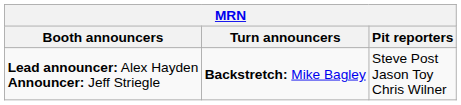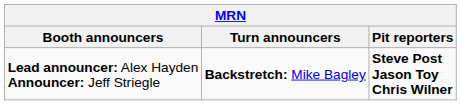 <table class="wikitable" style="font-size: 95%">
 <tr>
 <th colspan="3"><a href='#'>MRN</a></th>
 </tr>
 <tr>
 <th>Booth announcers</th>
 <th>Turn announcers</th>
 <th>Pit reporters</th>
 </tr>
 <tr>
 <td><strong>Lead announcer:</strong> Alex Hayden<br><strong>Announcer:</strong> Jeff Striegle</td>
 <td><strong>Backstretch:</strong> <a href='#'>Mike Bagley</a></td>
-<td>Steve Post<br>Jason Toy<br>Chris Wilner</td>
+<td><strong>Steve Post<br>Jason Toy<br>Chris Wilner</strong></td>
 </tr>
 </table>
